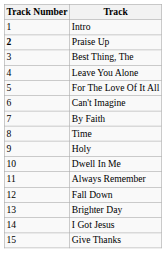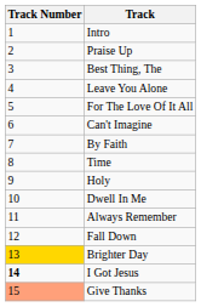 <table class="wikitable" border="1">
 <tr>
 <th>Track Number</th>
 <th>Track</th>
 </tr>
 <tr>
 <td>1</td>
 <td>Intro</td>
 </tr>
 <tr>
-<td><strong>2</strong></td>
+<td>2</td>
 <td>Praise Up</td>
 </tr>
 <tr>
 <td>3</td>
 <td>Best Thing, The</td>
 </tr>
 <tr>
 <td>4</td>
 <td>Leave You Alone</td>
 </tr>
 <tr>
 <td>5</td>
 <td>For The Love Of It All</td>
 </tr>
 <tr>
 <td>6</td>
 <td>Can't Imagine</td>
 </tr>
 <tr>
 <td>7</td>
 <td>By Faith</td>
 </tr>
 <tr>
 <td>8</td>
 <td>Time</td>
 </tr>
 <tr>
 <td>9</td>
 <td>Holy</td>
 </tr>
 <tr>
 <td>10</td>
 <td>Dwell In Me</td>
 </tr>
 <tr>
 <td>11</td>
 <td>Always Remember</td>
 </tr>
 <tr>
 <td>12</td>
 <td>Fall Down</td>
 </tr>
 <tr>
-<td>13</td>
+<td style="background: gold;">13</td>
 <td>Brighter Day</td>
 </tr>
 <tr>
-<td>14</td>
+<td><strong>14</strong></td>
 <td>I Got Jesus</td>
 </tr>
 <tr>
-<td>15</td>
+<td style="background: lightsalmon;">15</td>
 <td>Give Thanks</td>
 </tr>
 </table>
